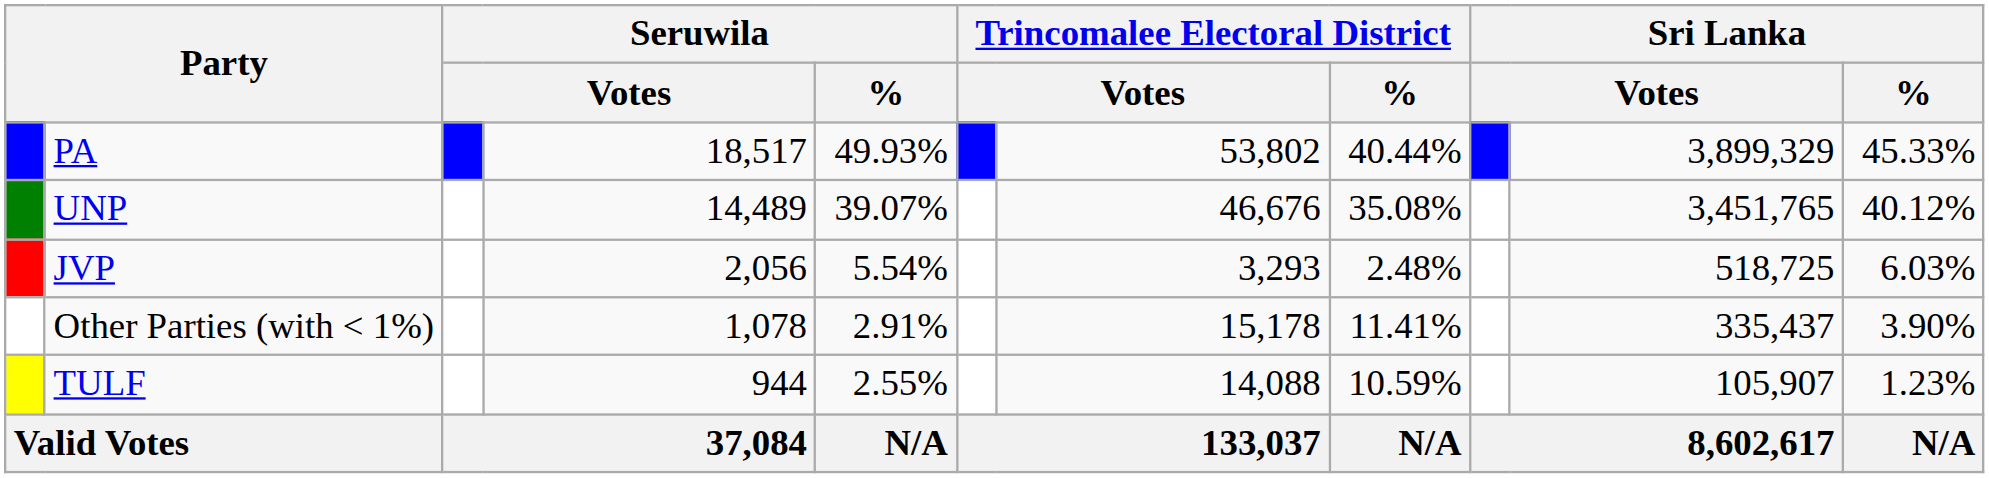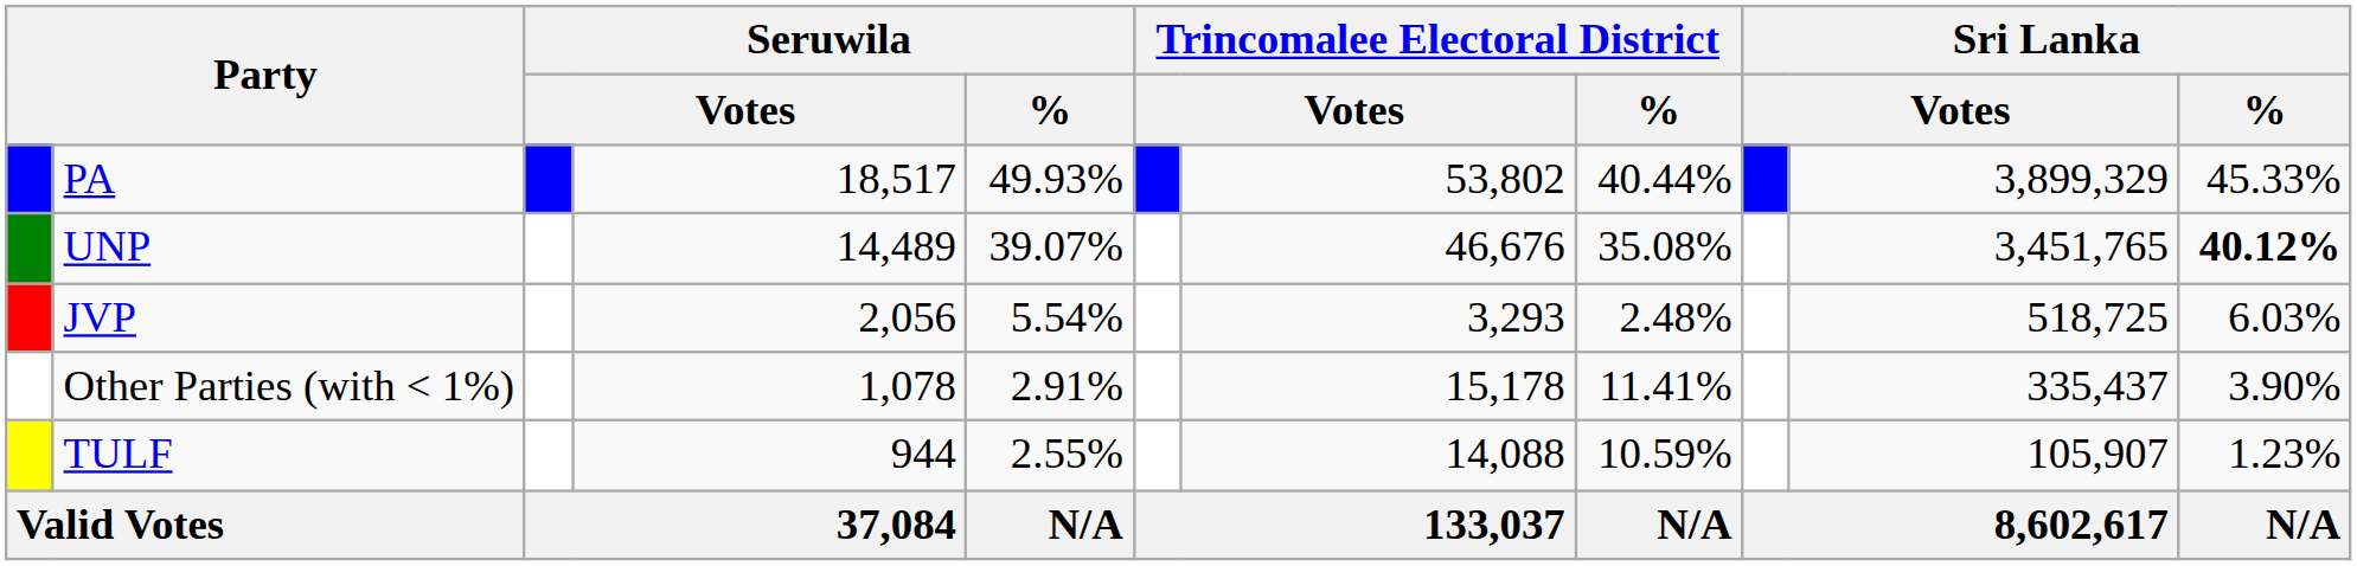 <table class="wikitable">
 <tr>
 <th colspan="2" width="144px"rowspan="2">Party</th>
 <th colspan="3" width="216px">Seruwila</th>
 <th colspan="3" width="216px"><a href='#'>Trincomalee Electoral District</a></th>
 <th colspan="3" width="216px">Sri Lanka</th>
 </tr>
 <tr>
 <th colspan="2" width="144px">Votes</th>
 <th>%</th>
 <th colspan="2" width="144px">Votes</th>
 <th>%</th>
 <th colspan="2" width="144px">Votes</th>
 <th>%</th>
 </tr>
 <tr>
 <td style="background-color:blue;" width="10px"></td>
 <td style="text-align:left;"><a href='#'>PA</a></td>
 <td style="background-color:blue;" width="10px"></td>
 <td style="text-align:right;">18,517</td>
 <td style="text-align:right;">49.93%</td>
 <td style="background-color:blue;" width="10px"></td>
 <td style="text-align:right;">53,802</td>
 <td style="text-align:right;">40.44%</td>
 <td style="background-color:blue;" width="10px"></td>
 <td style="text-align:right;">3,899,329</td>
 <td style="text-align:right;">45.33%</td>
 </tr>
 <tr>
 <td style="background-color:green;" width="10px"></td>
 <td style="text-align:left;"><a href='#'>UNP</a></td>
 <td style="background-color:white;" width="10px"></td>
 <td style="text-align:right;">14,489</td>
 <td style="text-align:right;">39.07%</td>
 <td style="background-color:white;" width="10px"></td>
 <td style="text-align:right;">46,676</td>
 <td style="text-align:right;">35.08%</td>
 <td style="background-color:white;" width="10px"></td>
 <td style="text-align:right;">3,451,765</td>
-<td style="text-align:right;">40.12%</td>
+<td style="text-align:right;"><strong>40.12%</strong></td>
 </tr>
 <tr>
 <td style="background-color:red;" width="10px"></td>
 <td style="text-align:left;"><a href='#'>JVP</a></td>
 <td style="background-color:white;" width="10px"></td>
 <td style="text-align:right;">2,056</td>
 <td style="text-align:right;">5.54%</td>
 <td style="background-color:white;" width="10px"></td>
 <td style="text-align:right;">3,293</td>
 <td style="text-align:right;">2.48%</td>
 <td style="background-color:white;" width="10px"></td>
 <td style="text-align:right;">518,725</td>
 <td style="text-align:right;">6.03%</td>
 </tr>
 <tr>
 <td style="background-color:white;" width="10px"></td>
 <td style="text-align:left;">Other Parties (with < 1%)</td>
 <td style="background-color:white;" width="10px"></td>
 <td style="text-align:right;">1,078</td>
 <td style="text-align:right;">2.91%</td>
 <td style="background-color:white;" width="10px"></td>
 <td style="text-align:right;">15,178</td>
 <td style="text-align:right;">11.41%</td>
 <td style="background-color:white;" width="10px"></td>
 <td style="text-align:right;">335,437</td>
 <td style="text-align:right;">3.90%</td>
 </tr>
 <tr>
 <td style="background-color:yellow;" width="10px"></td>
 <td style="text-align:left;"><a href='#'>TULF</a></td>
 <td style="background-color:white;" width="10px"></td>
 <td style="text-align:right;">944</td>
 <td style="text-align:right;">2.55%</td>
 <td style="background-color:white;" width="10px"></td>
 <td style="text-align:right;">14,088</td>
 <td style="text-align:right;">10.59%</td>
 <td style="background-color:white;" width="10px"></td>
 <td style="text-align:right;">105,907</td>
 <td style="text-align:right;">1.23%</td>
 </tr>
 <tr>
 <th colspan="2" width="144px"style="text-align:left;">Valid Votes</th>
 <th style="text-align:right;"colspan="2" width="144px">37,084</th>
 <th style="text-align:right;">N/A</th>
 <th style="text-align:right;"colspan="2" width="144px">133,037</th>
 <th style="text-align:right;">N/A</th>
 <th style="text-align:right;"colspan="2" width="144px">8,602,617</th>
 <th style="text-align:right;">N/A</th>
 </tr>
 </table>
